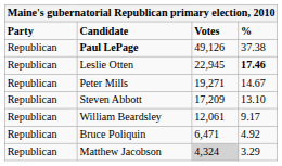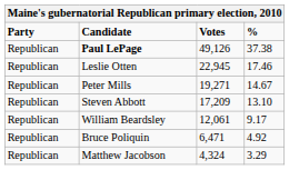 <table class="wikitable">
 <tr>
 <th colspan="4">Maine's gubernatorial Republican primary election, 2010</th>
 </tr>
 <tr>
 <td><strong>Party</strong></td>
 <td><strong>Candidate</strong></td>
 <td><strong>Votes</strong></td>
 <td><strong>%</strong></td>
 </tr>
 <tr>
 <td>Republican</td>
 <td><strong>Paul LePage</strong></td>
 <td>49,126</td>
 <td>37.38</td>
 </tr>
 <tr>
 <td>Republican</td>
 <td>Leslie Otten</td>
 <td>22,945</td>
-<td><strong>17.46</strong></td>
+<td>17.46</td>
 </tr>
 <tr>
 <td>Republican</td>
 <td>Peter Mills</td>
 <td>19,271</td>
 <td>14.67</td>
 </tr>
 <tr>
 <td>Republican</td>
 <td>Steven Abbott</td>
 <td>17,209</td>
 <td>13.10</td>
 </tr>
 <tr>
 <td>Republican</td>
 <td>William Beardsley</td>
 <td>12,061</td>
 <td>9.17</td>
 </tr>
 <tr>
 <td>Republican</td>
 <td>Bruce Poliquin</td>
 <td>6,471</td>
 <td>4.92</td>
 </tr>
 <tr>
 <td>Republican</td>
 <td>Matthew Jacobson</td>
-<td style="background: lightgrey;">4,324</td>
+<td>4,324</td>
 <td>3.29</td>
 </tr>
 </table>
